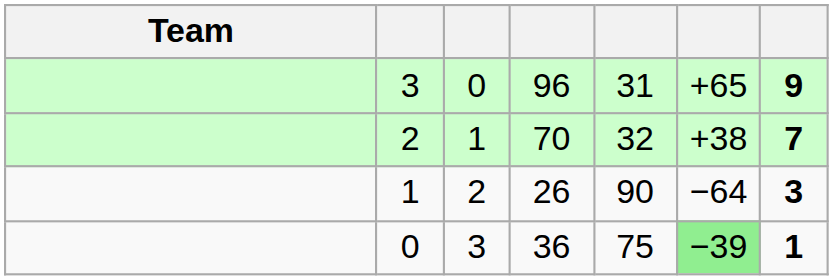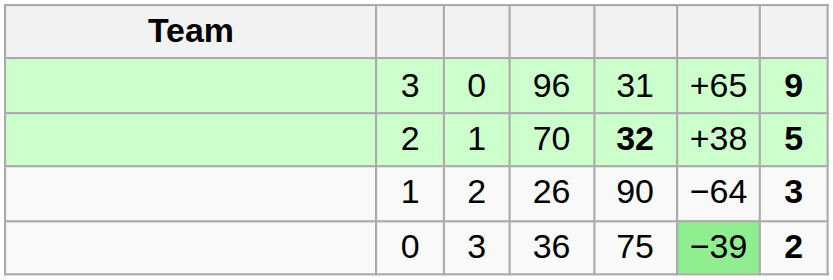 <table class="wikitable" style="text-align:center;">
 <tr>
 <th style="width:10.5em;">Team</th>
 <th style="width:1.5em;"></th>
 <th style="width:1.5em;"></th>
 <th style="width:2.0em;"></th>
 <th style="width:2.0em;"></th>
 <th style="width:2.0em;"></th>
 <th style="width:1.5em;"></th>
 </tr>
 <tr bgcolor="#cfc">
 <td align="left"></td>
 <td>3</td>
 <td>0</td>
 <td>96</td>
 <td>31</td>
 <td>+65</td>
 <td><strong>9</strong></td>
 </tr>
 <tr bgcolor="#cfc">
 <td align="left"></td>
 <td>2</td>
 <td>1</td>
 <td>70</td>
-<td>32</td>
+<td><strong>32</strong></td>
 <td>+38</td>
-<td><strong>7</strong></td>
+<td><strong>5</strong></td>
 </tr>
 <tr>
 <td align="left"></td>
 <td>1</td>
 <td>2</td>
 <td>26</td>
 <td>90</td>
 <td>−64</td>
 <td><strong>3</strong></td>
 </tr>
 <tr>
 <td align="left"></td>
 <td>0</td>
 <td>3</td>
 <td>36</td>
 <td>75</td>
 <td style="background: lightgreen;">−39</td>
-<td><strong>1</strong></td>
+<td><strong>2</strong></td>
 </tr>
 </table>
